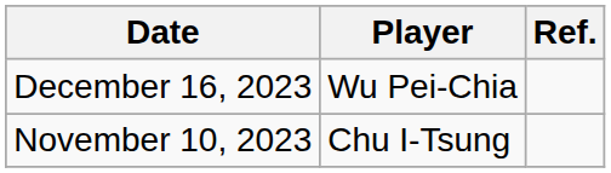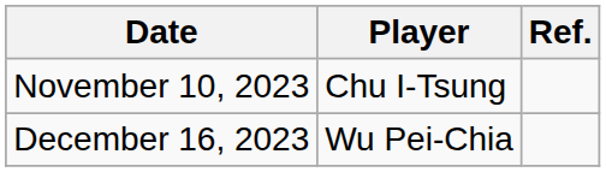 <table class="wikitable">
 <tr>
 <th>Date</th>
 <th>Player</th>
 <th>Ref.</th>
 </tr>
 <tr>
+<td>November 10, 2023</td>
+<td>Chu I-Tsung</td>
+<td></td>
+</tr>
+<tr>
 <td>December 16, 2023</td>
 <td>Wu Pei-Chia</td>
 <td></td>
 </tr>
-<tr>
-<td>November 10, 2023</td>
-<td>Chu I-Tsung</td>
-<td></td>
-</tr>
 </table>
